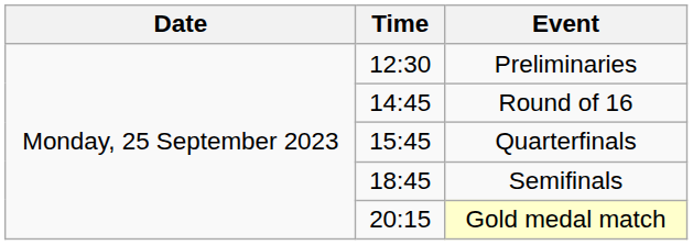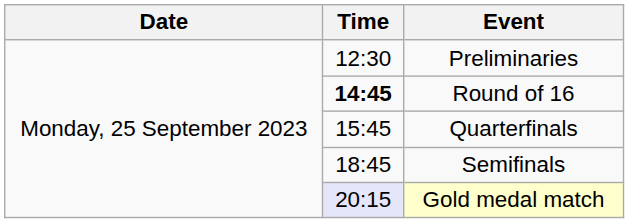 <table class = "wikitable" style="text-align:center;">
 <tr>
 <th width=220>Date</th>
 <th width=50>Time</th>
 <th width=150>Event</th>
 </tr>
 <tr>
 <td rowspan=5>Monday, 25 September 2023</td>
 <td>12:30</td>
 <td>Preliminaries</td>
 </tr>
 <tr>
-<td>14:45</td>
+<td><strong>14:45</strong></td>
 <td>Round of 16</td>
 </tr>
 <tr>
 <td>15:45</td>
 <td>Quarterfinals</td>
 </tr>
 <tr>
 <td>18:45</td>
 <td>Semifinals</td>
 </tr>
 <tr>
-<td>20:15</td>
+<td style="background: lavender;">20:15</td>
 <td bgcolor=ffffcc>Gold medal match</td>
 </tr>
 </table>
